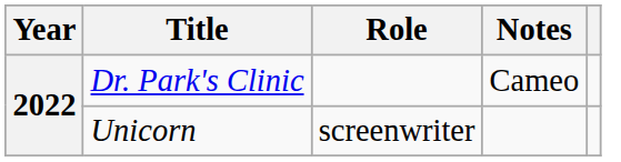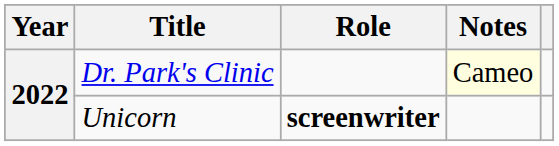 <table class="wikitable sortable plainrowheaders">
 <tr>
 <th scope="col">Year</th>
 <th scope="col">Title</th>
 <th scope="col">Role</th>
 <th scope="col">Notes</th>
 <th scope="col" class="unsortable"></th>
 </tr>
 <tr>
 <th scope="row" rowspan=2>2022</th>
 <td><em><a href='#'>Dr. Park's Clinic</a></em></td>
 <td></td>
-<td>Cameo</td>
+<td style="background: lightyellow;">Cameo</td>
 <td></td>
 </tr>
 <tr>
 <td><em>Unicorn</em></td>
-<td>screenwriter</td>
+<td><strong>screenwriter</strong></td>
 <td></td>
 <td></td>
 </tr>
 </table>
